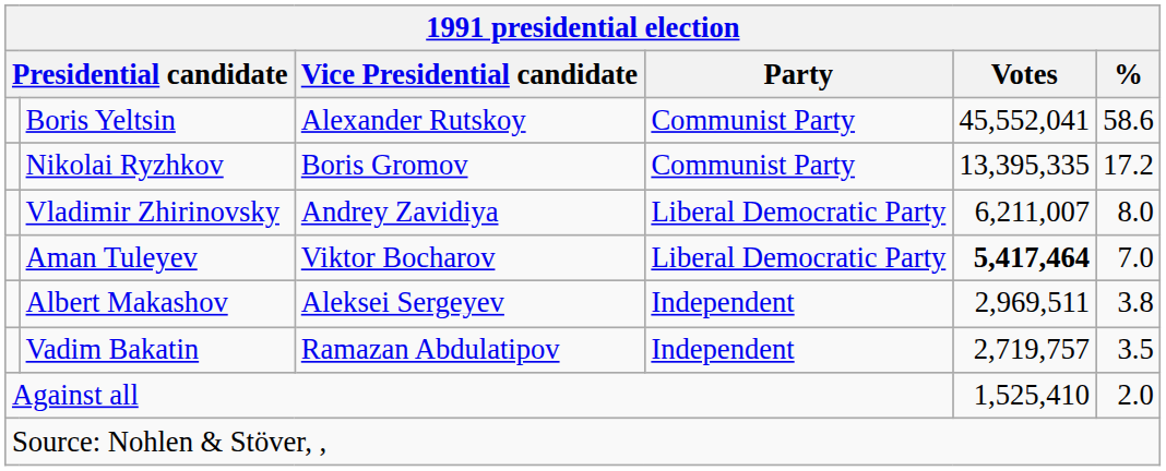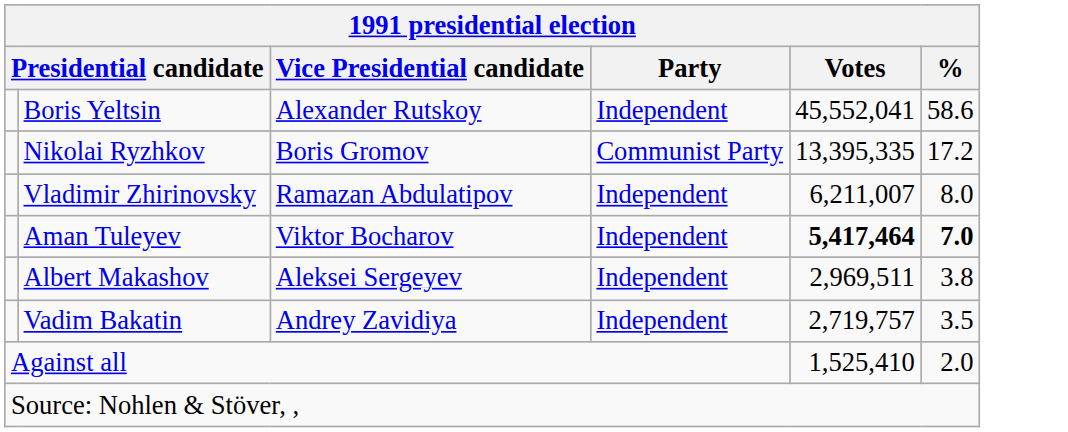 <table class=wikitable style=text-align:right>
 <tr>
 <th colspan=6><a href='#'>1991 presidential election</a></th>
 </tr>
 <tr>
 <th colspan=2><a href='#'>Presidential</a> candidate</th>
 <th><a href='#'>Vice Presidential</a> candidate</th>
 <th>Party</th>
 <th>Votes</th>
 <th>%</th>
 </tr>
 <tr>
 <td style="background-color: "></td>
 <td align=left><a href='#'>Boris Yeltsin</a></td>
 <td align=left><a href='#'>Alexander Rutskoy</a></td>
-<td align=left><a href='#'>Communist Party</a></td>
+<td align=left><a href='#'>Independent</a></td>
 <td>45,552,041</td>
 <td>58.6</td>
 </tr>
 <tr>
 <td style="background-color: "></td>
 <td align=left><a href='#'>Nikolai Ryzhkov</a></td>
 <td align=left><a href='#'>Boris Gromov</a></td>
 <td align=left><a href='#'>Communist Party</a></td>
 <td>13,395,335</td>
 <td>17.2</td>
 </tr>
 <tr>
 <td style="background-color: "></td>
 <td align=left><a href='#'>Vladimir Zhirinovsky</a></td>
-<td align=left><a href='#'>Andrey Zavidiya</a></td>
-<td align=left><a href='#'>Liberal Democratic Party</a></td>
+<td align=left><a href='#'>Ramazan Abdulatipov</a></td>
+<td align=left><a href='#'>Independent</a></td>
 <td>6,211,007</td>
 <td>8.0</td>
 </tr>
 <tr>
 <td style="background-color: "></td>
 <td align=left><a href='#'>Aman Tuleyev</a></td>
 <td align=left><a href='#'>Viktor Bocharov</a></td>
-<td align=left><a href='#'>Liberal Democratic Party</a></td>
+<td align=left><a href='#'>Independent</a></td>
 <td><strong>5,417,464</strong></td>
-<td>7.0</td>
+<td><strong>7.0</strong></td>
 </tr>
 <tr>
 <td style="background-color: "></td>
 <td align=left><a href='#'>Albert Makashov</a></td>
 <td align=left><a href='#'>Aleksei Sergeyev</a></td>
 <td align=left><a href='#'>Independent</a></td>
 <td>2,969,511</td>
 <td>3.8</td>
 </tr>
 <tr>
 <td style="background-color: "></td>
 <td align=left><a href='#'>Vadim Bakatin</a></td>
-<td align=left><a href='#'>Ramazan Abdulatipov</a></td>
+<td align=left><a href='#'>Andrey Zavidiya</a></td>
 <td align=left><a href='#'>Independent</a></td>
 <td>2,719,757</td>
 <td>3.5</td>
 </tr>
 <tr>
 <td align=left colspan=4><a href='#'>Against all</a></td>
 <td>1,525,410</td>
 <td>2.0</td>
 </tr>
 <tr>
 <td align=left colspan=6>Source: Nohlen & Stöver, , </td>
 </tr>
 </table>
